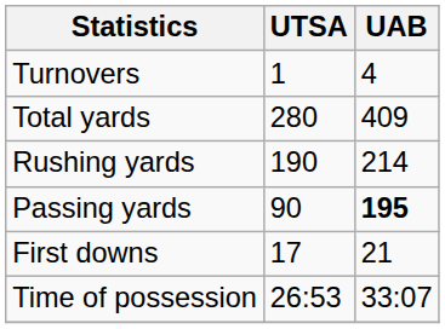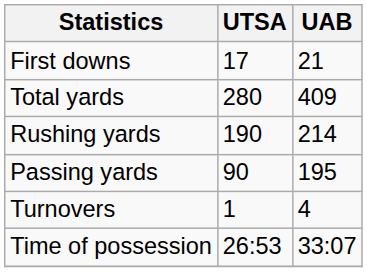 <table class="wikitable">
 <tr>
 <th>Statistics</th>
 <th>UTSA</th>
 <th>UAB</th>
 </tr>
 <tr>
-<td>Turnovers</td>
-<td>1</td>
-<td>4</td>
+<td>First downs</td>
+<td>17</td>
+<td>21</td>
 </tr>
 <tr>
 <td>Total yards</td>
 <td>280</td>
 <td>409</td>
 </tr>
 <tr>
 <td>Rushing yards</td>
 <td>190</td>
 <td>214</td>
 </tr>
 <tr>
 <td>Passing yards</td>
 <td>90</td>
-<td><strong>195</strong></td>
+<td>195</td>
 </tr>
 <tr>
-<td>First downs</td>
-<td>17</td>
-<td>21</td>
+<td>Turnovers</td>
+<td>1</td>
+<td>4</td>
 </tr>
 <tr>
 <td>Time of possession</td>
 <td>26:53</td>
 <td>33:07</td>
 </tr>
 <tr>
 </tr>
 </table>
